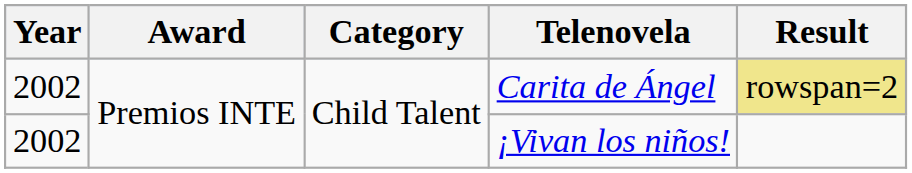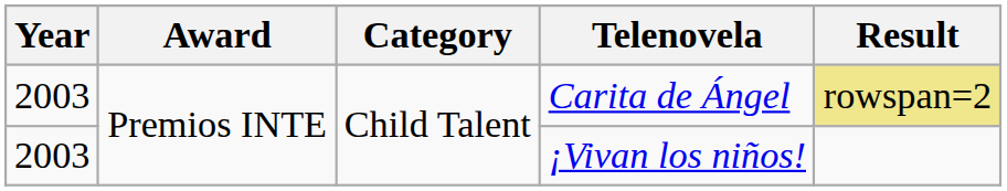 <table class="wikitable">
 <tr style="background:#b0c4de;">
 <th>Year</th>
 <th>Award</th>
 <th>Category</th>
 <th>Telenovela</th>
 <th>Result</th>
 </tr>
 <tr>
-<td>2002</td>
+<td>2003</td>
 <td rowspan=2>Premios INTE</td>
 <td rowspan=2>Child Talent</td>
 <td><em><a href='#'>Carita de Ángel</a></em></td>
 <td style="background: khaki;">rowspan=2 </td>
 </tr>
 <tr>
-<td>2002</td>
+<td>2003</td>
 <td><em><a href='#'>¡Vivan los niños!</a></em></td>
 </tr>
 </table>
